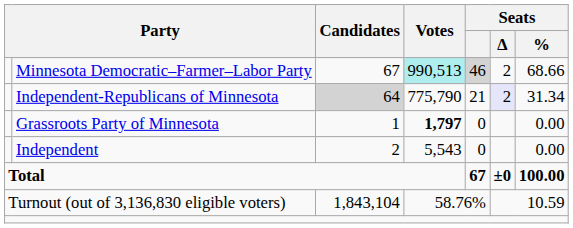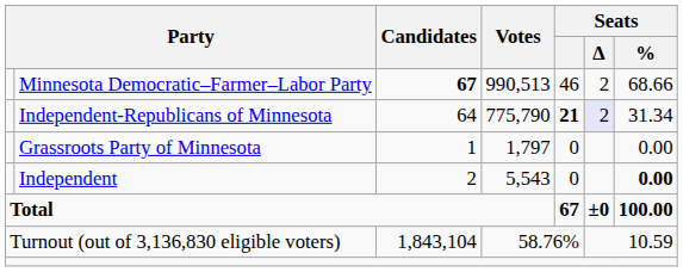 <table class="wikitable">
 <tr>
 <th rowspan="2" colspan="2">Party</th>
 <th rowspan="2">Candidates</th>
 <th rowspan="2" colspan="1">Votes</th>
 <th colspan="3">Seats</th>
 </tr>
 <tr>
 <th></th>
 <th>∆</th>
 <th>%</th>
 </tr>
 <tr>
 <td style="background-color:"></td>
 <td><a href='#'>Minnesota Democratic–Farmer–Labor Party</a></td>
-<td align="right">67</td>
-<td align="right" style="background: paleturquoise;">990,513</td>
-<td align="right" style="background: lightgrey;">46</td>
+<td align="right"><strong>67</strong></td>
+<td align="right">990,513</td>
+<td align="right">46</td>
 <td align="right">2</td>
 <td align="right">68.66</td>
 </tr>
 <tr>
 <td style="background-color:"></td>
 <td><a href='#'>Independent-Republicans of Minnesota</a></td>
-<td align="right" style="background: lightgrey;">64</td>
+<td align="right">64</td>
 <td align="right">775,790</td>
-<td align="right">21</td>
+<td align="right"><strong>21</strong></td>
 <td align="right" style="background: lavender;">2</td>
 <td align="right">31.34</td>
 </tr>
 <tr>
 <td style="background-color:"></td>
 <td><a href='#'>Grassroots Party of Minnesota</a></td>
 <td align="right">1</td>
-<td align="right"><strong>1,797</strong></td>
+<td align="right">1,797</td>
 <td align="right">0</td>
 <td align="right"></td>
 <td align="right">0.00</td>
 </tr>
 <tr>
 <td style="background-color:"></td>
 <td><a href='#'>Independent</a></td>
 <td align="right">2</td>
 <td align="right">5,543</td>
 <td align="right">0</td>
 <td align="right"></td>
-<td align="right">0.00</td>
+<td align="right"><strong>0.00</strong></td>
 </tr>
 <tr>
 <td colspan="4" align="left"><strong>Total</strong></td>
 <td align="right"><strong>67</strong></td>
 <td align="right"><strong>±0</strong></td>
 <td align="right"><strong>100.00</strong></td>
 </tr>
 <tr>
 <td colspan="2" align="left">Turnout (out of 3,136,830 eligible voters)</td>
 <td colspan="1" align="right">1,843,104</td>
 <td colspan="2" align="right">58.76%</td>
 <td colspan="2" align="right">10.59 </td>
 </tr>
 <tr>
 <td colspan="7"></td>
 </tr>
 </table>
